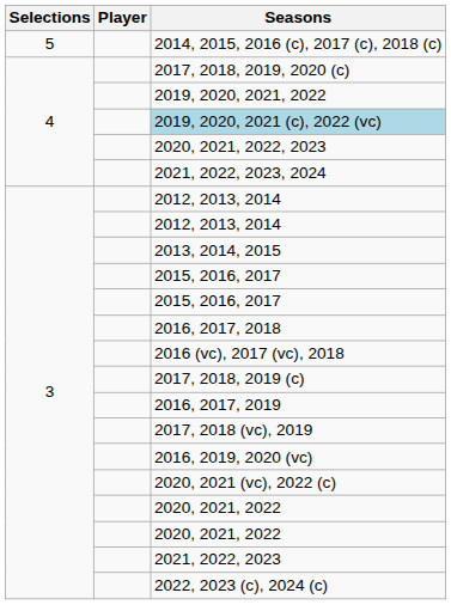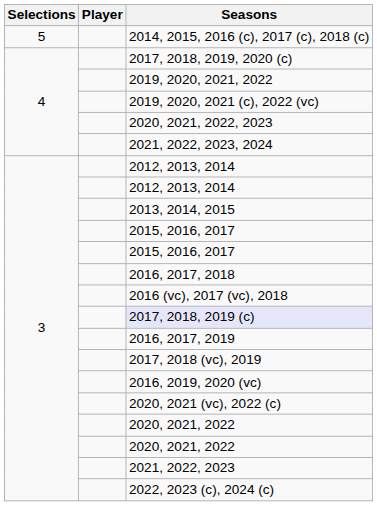 <table class="wikitable sortable">
 <tr>
 <th>Selections</th>
 <th>Player</th>
 <th class="unsortable">Seasons</th>
 </tr>
 <tr>
 <td align="center">5</td>
 <td></td>
 <td>2014, 2015, 2016 (c), 2017 (c), 2018 (c)</td>
 </tr>
 <tr>
 <td rowspan="5" align="center">4</td>
 <td></td>
 <td>2017, 2018, 2019, 2020 (c)</td>
 </tr>
 <tr>
 <td></td>
 <td>2019, 2020, 2021, 2022</td>
 </tr>
 <tr>
 <td></td>
-<td style="background: lightblue;">2019, 2020, 2021 (c), 2022 (vc)</td>
+<td>2019, 2020, 2021 (c), 2022 (vc)</td>
 </tr>
 <tr>
 <td></td>
 <td>2020, 2021, 2022, 2023</td>
 </tr>
 <tr>
 <td></td>
 <td>2021, 2022, 2023, 2024</td>
 </tr>
 <tr>
 <td rowspan="16" align="center">3</td>
 <td></td>
 <td>2012, 2013, 2014</td>
 </tr>
 <tr>
 <td></td>
 <td>2012, 2013, 2014</td>
 </tr>
 <tr>
 <td></td>
 <td>2013, 2014, 2015</td>
 </tr>
 <tr>
 <td></td>
 <td>2015, 2016, 2017</td>
 </tr>
 <tr>
 <td></td>
 <td>2015, 2016, 2017</td>
 </tr>
 <tr>
 <td></td>
 <td>2016, 2017, 2018</td>
 </tr>
 <tr>
 <td></td>
 <td>2016 (vc), 2017 (vc), 2018</td>
 </tr>
 <tr>
 <td></td>
-<td>2017, 2018, 2019 (c)</td>
+<td style="background: lavender;">2017, 2018, 2019 (c)</td>
 </tr>
 <tr>
 <td></td>
 <td>2016, 2017, 2019</td>
 </tr>
 <tr>
 <td></td>
 <td>2017, 2018 (vc), 2019</td>
 </tr>
 <tr>
 <td></td>
 <td>2016, 2019, 2020 (vc)</td>
 </tr>
 <tr>
 <td></td>
 <td>2020, 2021 (vc), 2022 (c)</td>
 </tr>
 <tr>
 <td></td>
 <td>2020, 2021, 2022</td>
 </tr>
 <tr>
 <td></td>
 <td>2020, 2021, 2022</td>
 </tr>
 <tr>
 <td></td>
 <td>2021, 2022, 2023</td>
 </tr>
 <tr>
 <td></td>
 <td>2022, 2023 (c), 2024 (c)</td>
 </tr>
 </table>
